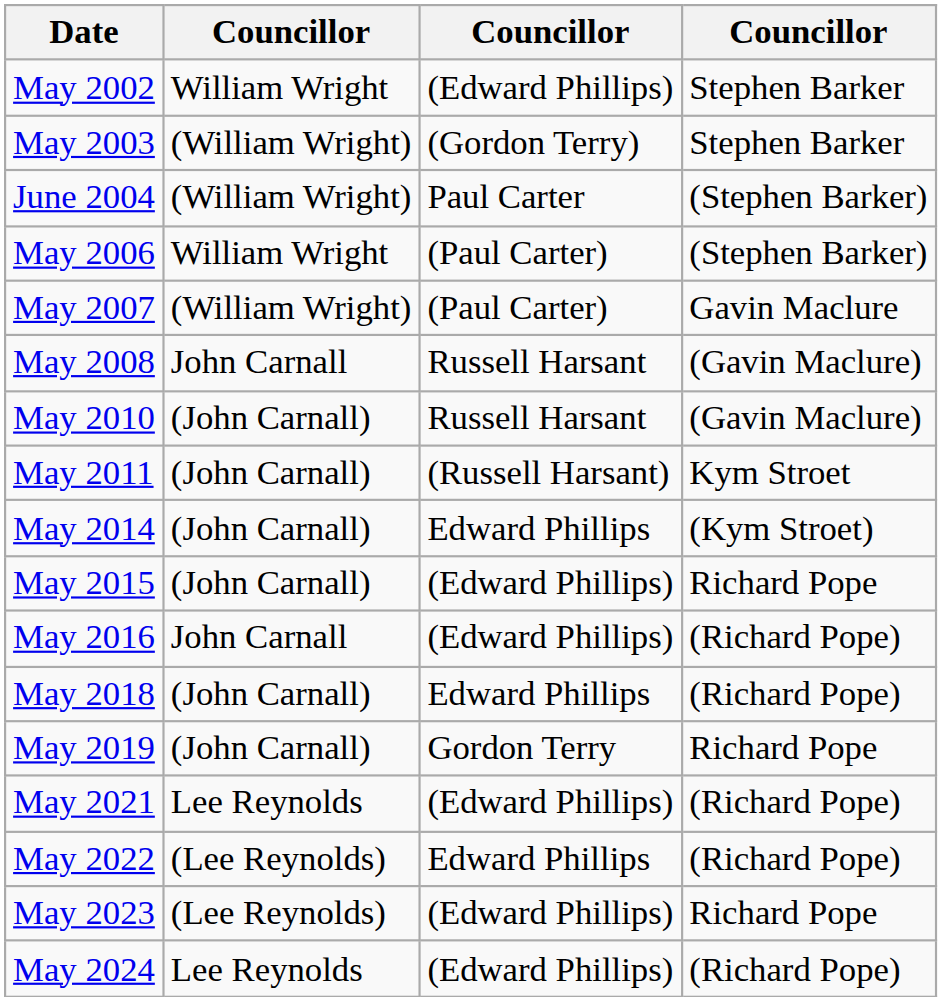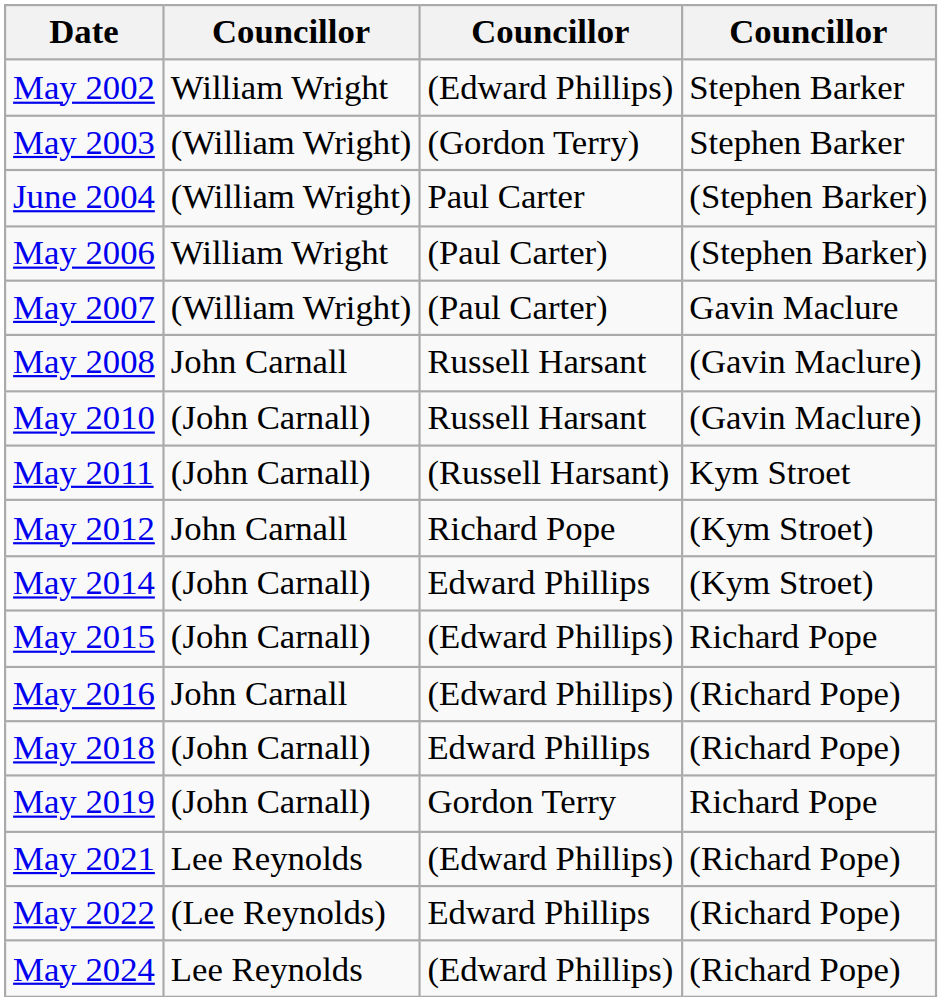 <table class="wikitable">
 <tr>
 <th>Date</th>
 <th>Councillor</th>
 <th>Councillor</th>
 <th>Councillor</th>
 </tr>
 <tr>
 <td><a href='#'>May 2002</a></td>
 <td ! style="background-color:">William Wright</td>
 <td ! style="background-color:">(Edward Phillips)</td>
 <td ! style="background-color:">Stephen Barker</td>
 </tr>
 <tr>
 <td><a href='#'>May 2003</a></td>
 <td ! style="background-color:">(William Wright)</td>
 <td ! style="background-color:">(Gordon Terry)</td>
 <td ! style="background-color:">Stephen Barker</td>
 </tr>
 <tr>
 <td><a href='#'>June 2004</a></td>
 <td ! style="background-color:">(William Wright)</td>
 <td ! style="background-color:">Paul Carter</td>
 <td ! style="background-color:">(Stephen Barker)</td>
 </tr>
 <tr>
 <td><a href='#'>May 2006</a></td>
 <td ! style="background-color:">William Wright</td>
 <td ! style="background-color:">(Paul Carter)</td>
 <td ! style="background-color:">(Stephen Barker)</td>
 </tr>
 <tr>
 <td><a href='#'>May 2007</a></td>
 <td ! style="background-color:">(William Wright)</td>
 <td ! style="background-color:">(Paul Carter)</td>
 <td ! style="background-color:">Gavin Maclure</td>
 </tr>
 <tr>
 <td><a href='#'>May 2008</a></td>
 <td ! style="background-color:">John Carnall</td>
 <td ! style="background-color:">Russell Harsant</td>
 <td ! style="background-color:">(Gavin Maclure)</td>
 </tr>
 <tr>
 <td><a href='#'>May 2010</a></td>
 <td ! style="background-color:">(John Carnall)</td>
 <td ! style="background-color:">Russell Harsant</td>
 <td ! style="background-color:">(Gavin Maclure)</td>
 </tr>
 <tr>
 <td><a href='#'>May 2011</a></td>
 <td ! style="background-color:">(John Carnall)</td>
 <td ! style="background-color:">(Russell Harsant)</td>
 <td ! style="background-color:">Kym Stroet</td>
 </tr>
 <tr>
+<td><a href='#'>May 2012</a></td>
+<td ! style="background-color:">John Carnall</td>
+<td ! style="background-color:">Richard Pope</td>
+<td ! style="background-color:">(Kym Stroet)</td>
+</tr>
+<tr>
 <td><a href='#'>May 2014</a></td>
 <td ! style="background-color:">(John Carnall)</td>
 <td ! style="background-color:">Edward Phillips</td>
 <td ! style="background-color:">(Kym Stroet)</td>
 </tr>
 <tr>
 <td><a href='#'>May 2015</a></td>
 <td ! style="background-color:">(John Carnall)</td>
 <td ! style="background-color:">(Edward Phillips)</td>
 <td ! style="background-color:">Richard Pope</td>
 </tr>
 <tr>
 <td><a href='#'>May 2016</a></td>
 <td ! style="background-color:">John Carnall</td>
 <td ! style="background-color:">(Edward Phillips)</td>
 <td ! style="background-color:">(Richard Pope)</td>
 </tr>
 <tr>
 <td><a href='#'>May 2018</a></td>
 <td ! style="background-color:">(John Carnall)</td>
 <td ! style="background-color:">Edward Phillips</td>
 <td ! style="background-color:">(Richard Pope)</td>
 </tr>
 <tr>
 <td><a href='#'>May 2019</a></td>
 <td ! style="background-color:">(John Carnall)</td>
 <td ! style="background-color:">Gordon Terry</td>
 <td ! style="background-color:">Richard Pope</td>
 </tr>
 <tr>
 <td><a href='#'>May 2021</a></td>
 <td ! style="background-color:">Lee Reynolds</td>
 <td ! style="background-color:">(Edward Phillips)</td>
 <td ! style="background-color:">(Richard Pope)</td>
 </tr>
 <tr>
 <td><a href='#'>May 2022</a></td>
 <td ! style="background-color:">(Lee Reynolds)</td>
 <td ! style="background-color:">Edward Phillips</td>
 <td ! style="background-color:">(Richard Pope)</td>
 </tr>
 <tr>
-<td><a href='#'>May 2023</a></td>
-<td ! style="background-color:">(Lee Reynolds)</td>
-<td ! style="background-color:">(Edward Phillips)</td>
-<td ! style="background-color:">Richard Pope</td>
-</tr>
-<tr>
 <td><a href='#'>May 2024</a></td>
 <td ! style="background-color:">Lee Reynolds</td>
 <td ! style="background-color:">(Edward Phillips)</td>
 <td ! style="background-color:">(Richard Pope)</td>
 </tr>
 </table>
